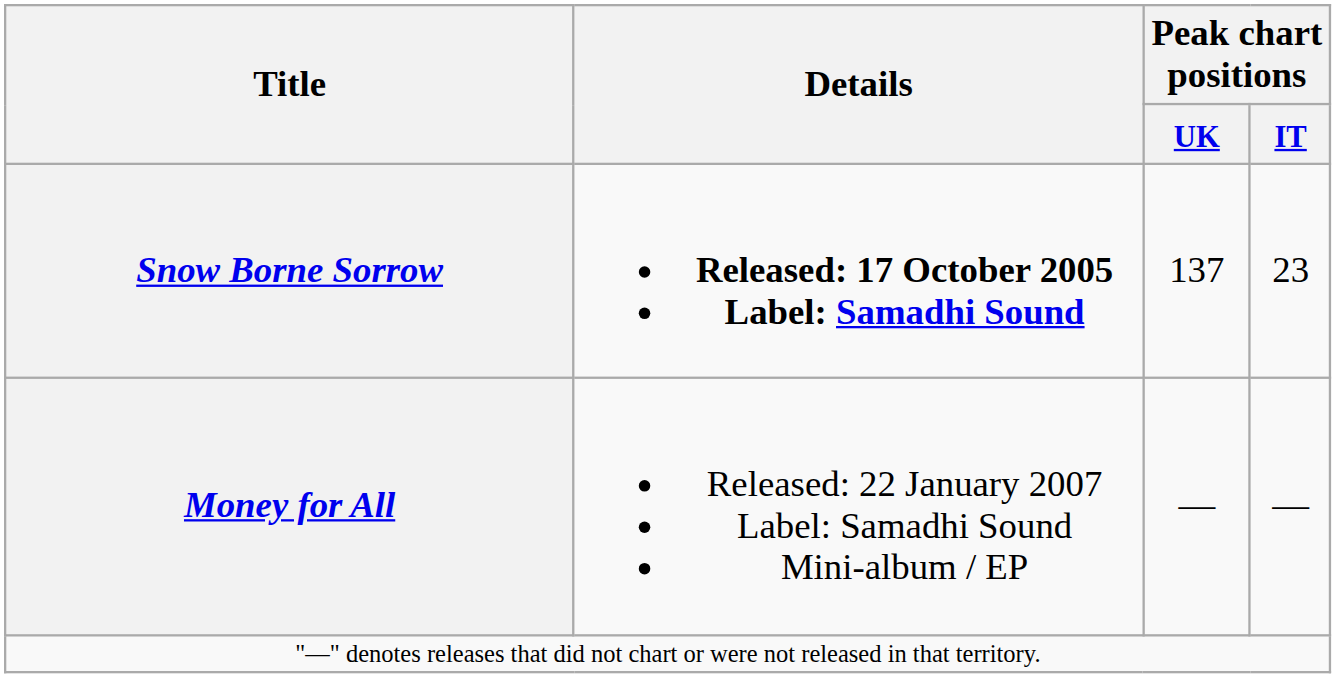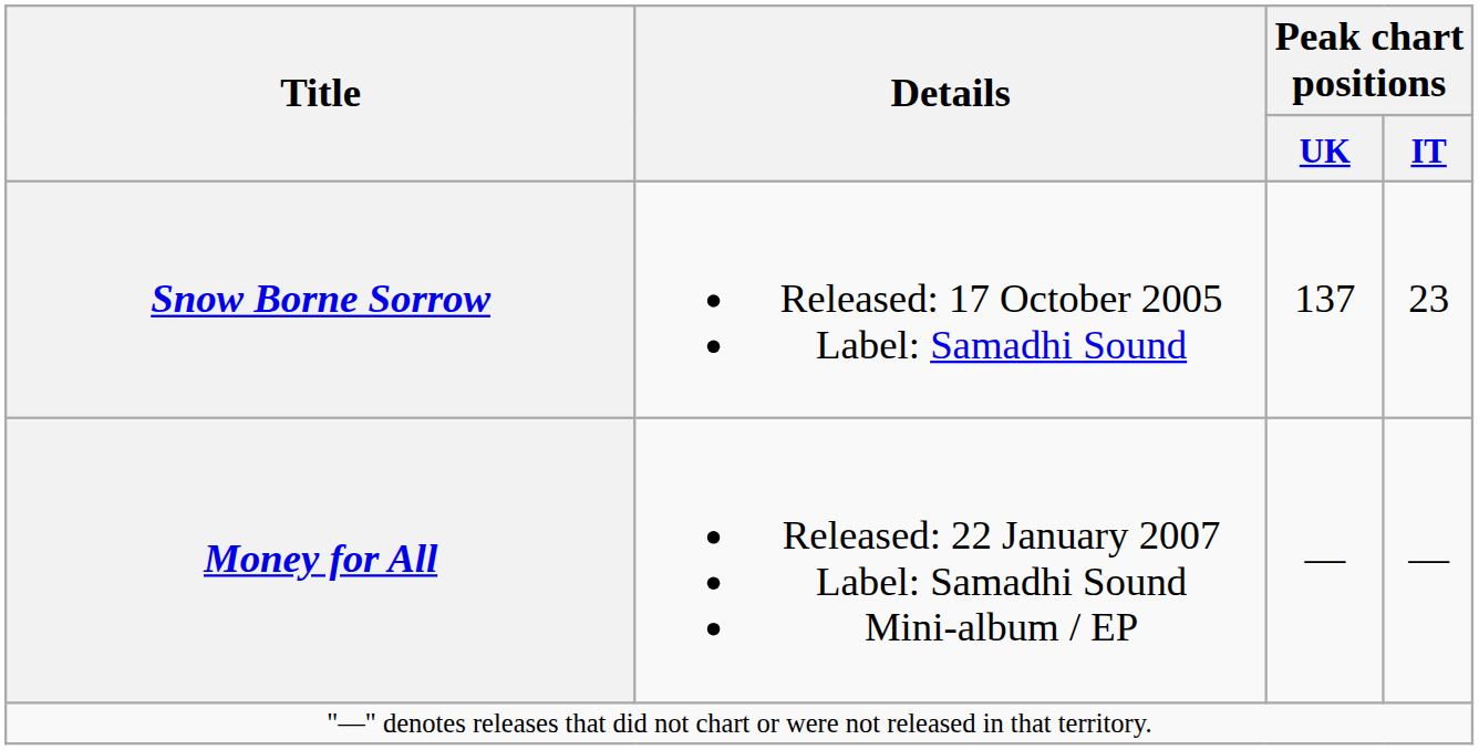 <table class="wikitable plainrowheaders" style="text-align:center;">
 <tr>
 <th scope="col" rowspan="2" style="width:15em;">Title</th>
 <th scope="col" rowspan="2" style="width:15em;">Details</th>
 <th colspan="2">Peak chart<br>positions</th>
 </tr>
 <tr>
 <th scope="col"><small><a href='#'>UK</a></small><br></th>
 <th scope="col"><small><a href='#'>IT</a></small><br></th>
 </tr>
 <tr>
 <th scope="row"><em><a href='#'>Snow Borne Sorrow</a></em></th>
-<td><strong><br><ul><li>Released: 17 October 2005</li><li>Label: <a href='#'>Samadhi Sound</a></li></ul></strong></td>
+<td><br><ul><li>Released: 17 October 2005</li><li>Label: <a href='#'>Samadhi Sound</a></li></ul></td>
 <td>137</td>
 <td>23</td>
 </tr>
 <tr>
 <th scope="row"><em><a href='#'>Money for All</a></em></th>
 <td><br><ul><li>Released: 22 January 2007</li><li>Label: Samadhi Sound</li><li>Mini-album / EP</li></ul></td>
 <td>—</td>
 <td>—</td>
 </tr>
 <tr>
 <td colspan="4" style="font-size:8pt">"—" denotes releases that did not chart or were not released in that territory.</td>
 </tr>
 </table>
